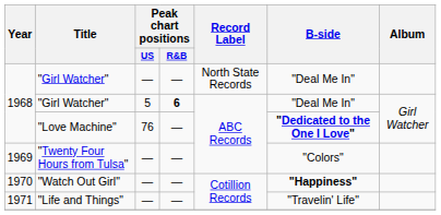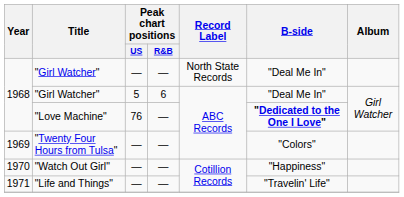 <table class="wikitable" style=text-align:center;>
 <tr>
 <th rowspan="2">Year</th>
 <th rowspan="2">Title</th>
 <th colspan="2">Peak chart<br>positions</th>
 <th rowspan="2"><a href='#'>Record Label</a></th>
 <th rowspan="2"><a href='#'>B-side</a></th>
 <th rowspan="2">Album</th>
 </tr>
 <tr style="font-size:smaller;">
 <th align=centre><a href='#'>US</a></th>
 <th align=centre><a href='#'>R&B</a></th>
 </tr>
 <tr>
 <td rowspan="3">1968</td>
 <td align=left>"<a href='#'>Girl Watcher</a>"</td>
 <td>—</td>
 <td>—</td>
 <td rowspan="1">North State Records</td>
 <td>"Deal Me In"</td>
 <td rowspan="1"></td>
 </tr>
 <tr>
 <td align=left>"Girl Watcher"</td>
 <td>5</td>
-<td><strong>6</strong></td>
+<td>6</td>
 <td rowspan="3"><a href='#'>ABC Records</a></td>
 <td>"Deal Me In"</td>
 <td rowspan="2"><em>Girl Watcher</em></td>
 </tr>
 <tr>
 <td align=left>"Love Machine"</td>
 <td>76</td>
 <td>—</td>
 <td><strong>"<a href='#'>Dedicated to the One I Love</a>"</strong></td>
 </tr>
 <tr>
 <td rowspan="1">1969</td>
 <td align=left>"<a href='#'>Twenty Four Hours from Tulsa</a>"</td>
 <td>—</td>
 <td>—</td>
 <td>"Colors"</td>
 <td rowspan="1"></td>
 </tr>
 <tr>
 <td rowspan="1">1970</td>
 <td align=left>"Watch Out Girl"</td>
 <td>—</td>
 <td>—</td>
 <td rowspan="2"><a href='#'>Cotillion Records</a></td>
-<td><strong>"Happiness"</strong></td>
+<td>"Happiness"</td>
 <td rowspan="1"></td>
 </tr>
 <tr>
 <td rowspan="1">1971</td>
 <td align=left>"Life and Things"</td>
 <td>—</td>
 <td>—</td>
 <td>"Travelin' Life"</td>
 <td rowspan="1"></td>
 </tr>
 <tr>
 </tr>
 </table>
